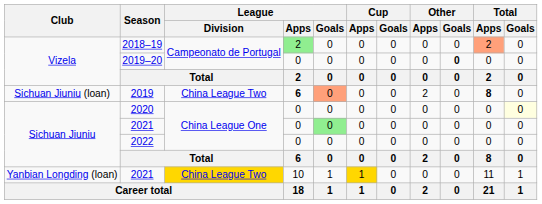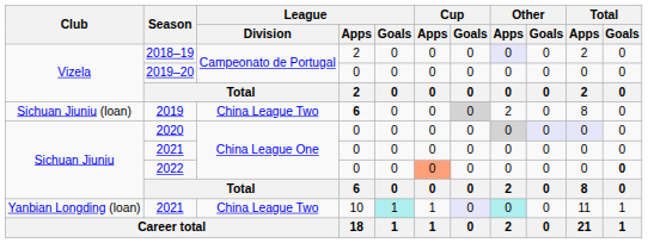 <table class="wikitable" style="text-align: center">
 <tr>
 <th rowspan="2">Club</th>
 <th rowspan="2">Season</th>
 <th colspan="3">League</th>
 <th colspan="2">Cup</th>
 <th colspan="2">Other</th>
 <th colspan="2">Total</th>
 </tr>
 <tr>
 <th>Division</th>
 <th>Apps</th>
 <th>Goals</th>
 <th>Apps</th>
 <th>Goals</th>
 <th>Apps</th>
 <th>Goals</th>
 <th>Apps</th>
 <th>Goals</th>
 </tr>
 <tr>
 <td rowspan="3"><a href='#'>Vizela</a></td>
 <td><a href='#'>2018–19</a></td>
 <td rowspan="2"><a href='#'>Campeonato de Portugal</a></td>
-<td style="background: lightgreen;">2</td>
+<td>2</td>
 <td>0</td>
 <td>0</td>
 <td>0</td>
+<td style="background: lavender;">0</td>
 <td>0</td>
-<td>0</td>
-<td style="background: lightsalmon;">2</td>
+<td>2</td>
 <td>0</td>
 </tr>
 <tr>
 <td><a href='#'>2019–20</a></td>
 <td>0</td>
 <td>0</td>
 <td>0</td>
 <td>0</td>
 <td>0</td>
-<td><strong>0</strong></td>
+<td>0</td>
 <td>0</td>
 <td>0</td>
 </tr>
 <tr>
 <th colspan=2>Total</th>
 <th>2</th>
 <th>0</th>
 <th>0</th>
 <th>0</th>
 <th>0</th>
 <th>0</th>
 <th>2</th>
 <th>0</th>
 </tr>
 <tr>
 <td><a href='#'>Sichuan Jiuniu</a> (loan)</td>
 <td><a href='#'>2019</a></td>
 <td><a href='#'>China League Two</a></td>
 <td><strong>6</strong></td>
-<td style="background: lightsalmon;">0</td>
 <td>0</td>
 <td>0</td>
+<td style="background: lightgrey;">0</td>
 <td>2</td>
 <td>0</td>
-<td><strong>8</strong></td>
+<td>8</td>
 <td>0</td>
 </tr>
 <tr>
 <td rowspan="4"><a href='#'>Sichuan Jiuniu</a></td>
 <td><a href='#'>2020</a></td>
 <td rowspan="3"><a href='#'>China League One</a></td>
 <td>0</td>
 <td>0</td>
 <td>0</td>
 <td>0</td>
+<td style="background: lightgrey;">0</td>
+<td style="background: lavender;">0</td>
+<td style="background: lavender;">0</td>
 <td>0</td>
-<td>0</td>
-<td>0</td>
-<td style="background: lightyellow;">0</td>
 </tr>
 <tr>
 <td><a href='#'>2021</a></td>
 <td>0</td>
-<td style="background: lightgreen;">0</td>
+<td>0</td>
 <td>0</td>
 <td>0</td>
 <td>0</td>
 <td>0</td>
 <td>0</td>
 <td>0</td>
 </tr>
 <tr>
 <td><a href='#'>2022</a></td>
 <td>0</td>
 <td>0</td>
+<td style="background: lightsalmon;">0</td>
 <td>0</td>
 <td>0</td>
 <td>0</td>
 <td>0</td>
-<td>0</td>
-<td>0</td>
+<td><strong>0</strong></td>
 </tr>
 <tr>
 <th colspan=2>Total</th>
 <th>6</th>
 <th>0</th>
 <th>0</th>
 <th>0</th>
 <th>2</th>
 <th>0</th>
 <th>8</th>
 <th>0</th>
 </tr>
 <tr>
 <td><a href='#'>Yanbian Longding</a> (loan)</td>
 <td><a href='#'>2021</a></td>
-<td style="background: gold;"><a href='#'>China League Two</a></td>
+<td><a href='#'>China League Two</a></td>
 <td>10</td>
+<td style="background: paleturquoise;">1</td>
 <td>1</td>
-<td style="background: gold;">1</td>
-<td>0</td>
-<td>0</td>
+<td style="background: lavender;">0</td>
+<td style="background: paleturquoise;">0</td>
 <td>0</td>
 <td>11</td>
 <td>1</td>
 </tr>
 <tr>
 <th colspan=3>Career total</th>
 <th>18</th>
 <th>1</th>
 <th>1</th>
 <th>0</th>
 <th>2</th>
 <th>0</th>
 <th>21</th>
 <th>1</th>
 </tr>
 </table>
